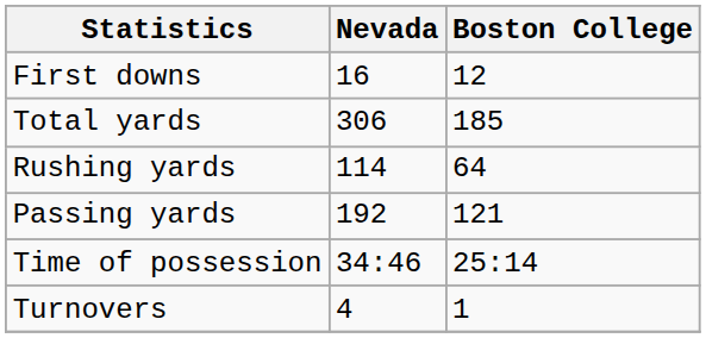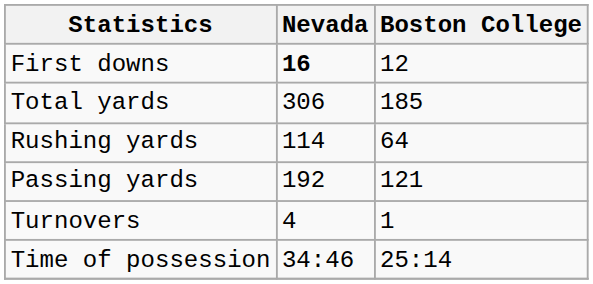 <table class="wikitable">
 <tr>
 <th>Statistics</th>
 <th>Nevada</th>
 <th>Boston College</th>
 </tr>
 <tr>
 <td>First downs</td>
-<td>16</td>
+<td><strong>16</strong></td>
 <td>12</td>
 </tr>
 <tr>
 <td>Total yards</td>
 <td>306</td>
 <td>185</td>
 </tr>
 <tr>
 <td>Rushing yards</td>
 <td>114</td>
 <td>64</td>
 </tr>
 <tr>
 <td>Passing yards</td>
 <td>192</td>
 <td>121</td>
 </tr>
 <tr>
+<td>Turnovers</td>
+<td>4</td>
+<td>1</td>
+</tr>
+<tr>
 <td>Time of possession</td>
 <td>34:46</td>
 <td>25:14</td>
 </tr>
 <tr>
-<td>Turnovers</td>
-<td>4</td>
-<td>1</td>
-</tr>
-<tr>
 </tr>
 </table>
